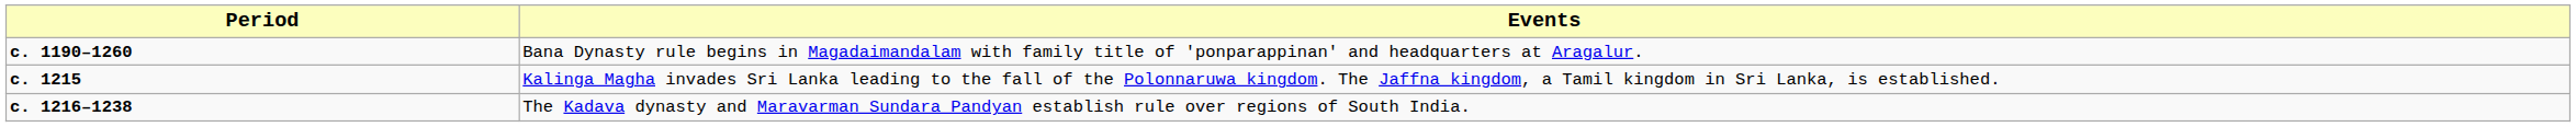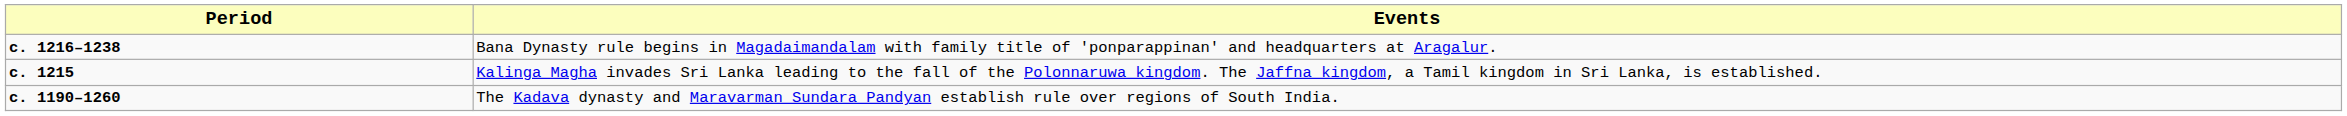 <table class="wikitable" style="text-align:left; margin: auto; width:99%">
 <tr>
 <th scope="row" style="width: 20%; text-align:center; font-size:120%; background:#fcfebe; color:#000000;">Period</th>
 <th scope="row" style="text-align:center; font-size:120%; background:#fcfebe; color:#000000;">Events</th>
 </tr>
 <tr>
-<td><strong>c. 1190–1260</strong></td>
+<td><strong>c. 1216–1238</strong></td>
 <td>Bana Dynasty rule begins in <a href='#'>Magadaimandalam</a> with family title of 'ponparappinan' and headquarters at <a href='#'>Aragalur</a>.</td>
 </tr>
 <tr>
 <td><strong>c. 1215</strong></td>
 <td><a href='#'>Kalinga Magha</a> invades Sri Lanka leading to the fall of the <a href='#'>Polonnaruwa kingdom</a>. The <a href='#'>Jaffna kingdom</a>, a Tamil kingdom in Sri Lanka, is established.</td>
 </tr>
 <tr>
-<td><strong>c. 1216–1238</strong></td>
+<td><strong>c. 1190–1260</strong></td>
 <td>The <a href='#'>Kadava</a> dynasty and <a href='#'>Maravarman Sundara Pandyan</a> establish rule over regions of South India.</td>
 </tr>
 </table>
